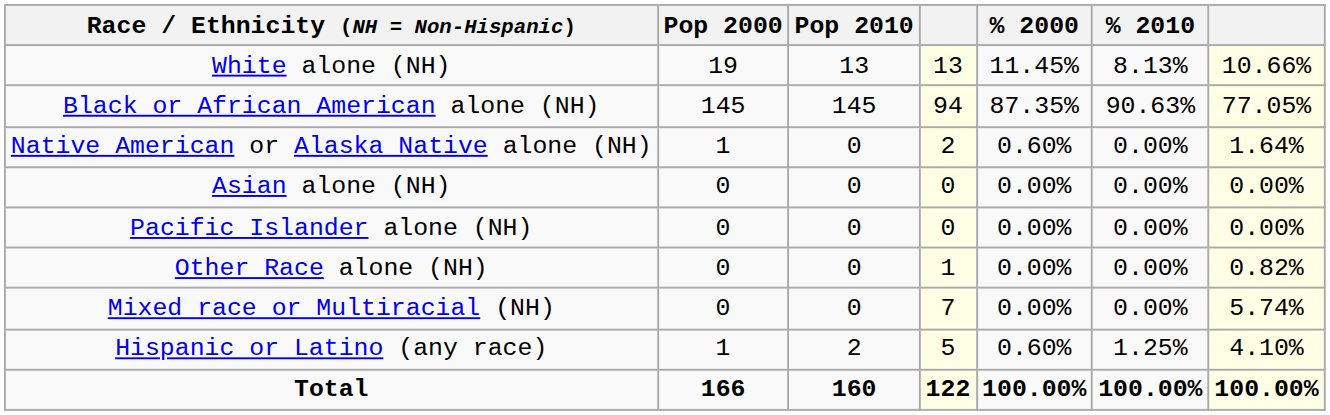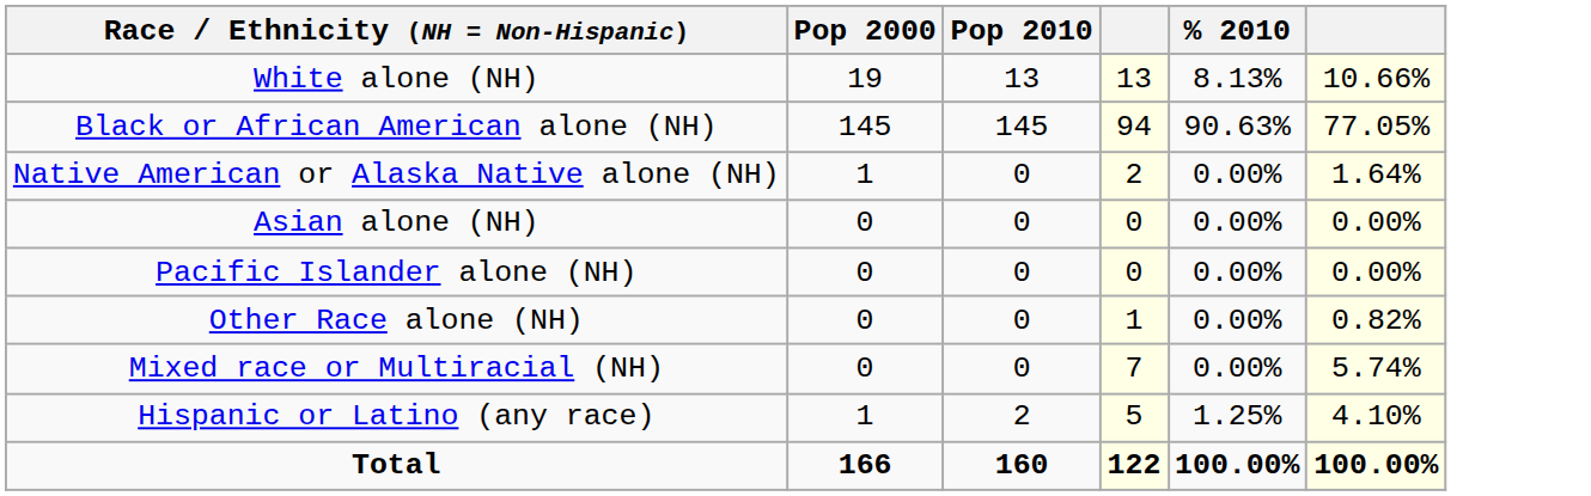 <table class="wikitable" style="text-align:center;">
 <tr>
 <th>Race / Ethnicity <small>(<em>NH = Non-Hispanic</em>)</small></th>
 <th>Pop 2000</th>
 <th>Pop 2010</th>
 <th></th>
-<th>% 2000</th>
 <th>% 2010</th>
 <th></th>
 </tr>
 <tr>
 <td><a href='#'>White</a> alone (NH)</td>
 <td>19</td>
 <td>13</td>
 <td style='background: #ffffe6;'>13</td>
-<td>11.45%</td>
 <td>8.13%</td>
 <td style='background: #ffffe6;'>10.66%</td>
 </tr>
 <tr>
 <td><a href='#'>Black or African American</a> alone (NH)</td>
 <td>145</td>
 <td>145</td>
 <td style='background: #ffffe6;'>94</td>
-<td>87.35%</td>
 <td>90.63%</td>
 <td style='background: #ffffe6;'>77.05%</td>
 </tr>
 <tr>
 <td><a href='#'>Native American</a> or <a href='#'>Alaska Native</a> alone (NH)</td>
 <td>1</td>
 <td>0</td>
 <td style='background: #ffffe6;'>2</td>
-<td>0.60%</td>
 <td>0.00%</td>
 <td style='background: #ffffe6;'>1.64%</td>
 </tr>
 <tr>
 <td><a href='#'>Asian</a> alone (NH)</td>
 <td>0</td>
 <td>0</td>
 <td style='background: #ffffe6;'>0</td>
 <td>0.00%</td>
-<td>0.00%</td>
 <td style='background: #ffffe6;'>0.00%</td>
 </tr>
 <tr>
 <td><a href='#'>Pacific Islander</a> alone (NH)</td>
 <td>0</td>
 <td>0</td>
 <td style='background: #ffffe6;'>0</td>
-<td>0.00%</td>
 <td>0.00%</td>
 <td style='background: #ffffe6;'>0.00%</td>
 </tr>
 <tr>
 <td><a href='#'>Other Race</a> alone (NH)</td>
 <td>0</td>
 <td>0</td>
 <td style='background: #ffffe6;'>1</td>
 <td>0.00%</td>
-<td>0.00%</td>
 <td style='background: #ffffe6;'>0.82%</td>
 </tr>
 <tr>
 <td><a href='#'>Mixed race or Multiracial</a> (NH)</td>
 <td>0</td>
 <td>0</td>
 <td style='background: #ffffe6;'>7</td>
 <td>0.00%</td>
-<td>0.00%</td>
 <td style='background: #ffffe6;'>5.74%</td>
 </tr>
 <tr>
 <td><a href='#'>Hispanic or Latino</a> (any race)</td>
 <td>1</td>
 <td>2</td>
 <td style='background: #ffffe6;'>5</td>
-<td>0.60%</td>
 <td>1.25%</td>
 <td style='background: #ffffe6;'>4.10%</td>
 </tr>
 <tr>
 <td><strong>Total</strong></td>
 <td><strong>166</strong></td>
 <td><strong>160</strong></td>
 <td style='background: #ffffe6;'><strong>122</strong></td>
 <td><strong>100.00%</strong></td>
-<td><strong>100.00%</strong></td>
 <td style='background: #ffffe6;'><strong>100.00%</strong></td>
 </tr>
 </table>
